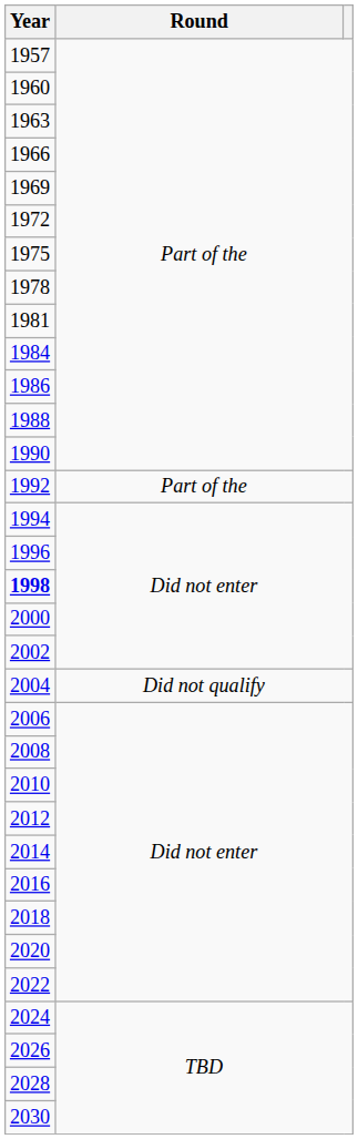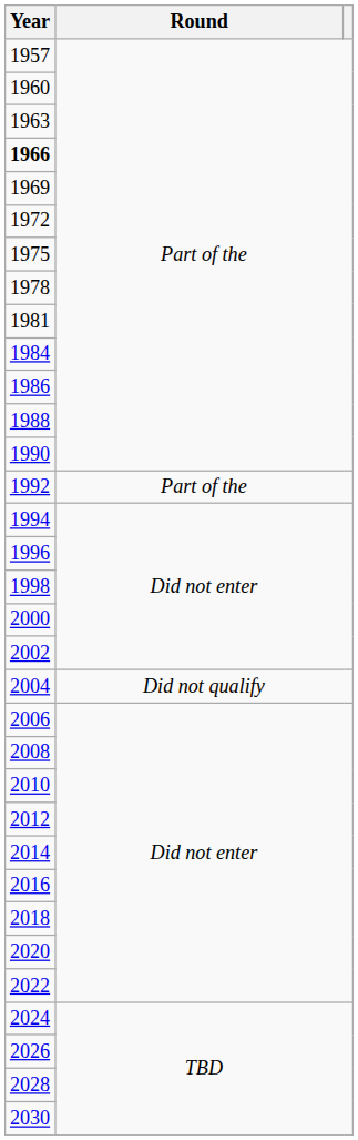 <table class="wikitable" style="text-align: center; font-size:90%">
 <tr>
 <th>Year</th>
 <th style="width:200px">Round</th>
 <th></th>
 </tr>
 <tr>
 <td>1957</td>
 <td colspan="2" rowspan="13"><em>Part of the </em></td>
 </tr>
 <tr>
 <td>1960</td>
 </tr>
 <tr>
 <td>1963</td>
 </tr>
 <tr>
-<td>1966</td>
+<td><strong>1966</strong></td>
 </tr>
 <tr>
 <td>1969</td>
 </tr>
 <tr>
 <td>1972</td>
 </tr>
 <tr>
 <td>1975</td>
 </tr>
 <tr>
 <td>1978</td>
 </tr>
 <tr>
 <td>1981</td>
 </tr>
 <tr>
 <td><a href='#'>1984</a></td>
 </tr>
 <tr>
 <td><a href='#'>1986</a></td>
 </tr>
 <tr>
 <td><a href='#'>1988</a></td>
 </tr>
 <tr>
 <td><a href='#'>1990</a></td>
 </tr>
 <tr>
 <td><a href='#'>1992</a></td>
 <td colspan="2"><em>Part of the </em></td>
 </tr>
 <tr>
 <td><a href='#'>1994</a></td>
 <td colspan="2" rowspan="5"><em>Did not enter</em></td>
 </tr>
 <tr>
 <td><a href='#'>1996</a></td>
 </tr>
 <tr>
-<td><strong><a href='#'>1998</a></strong></td>
+<td><a href='#'>1998</a></td>
 </tr>
 <tr>
 <td><a href='#'>2000</a></td>
 </tr>
 <tr>
 <td><a href='#'>2002</a></td>
 </tr>
 <tr>
 <td><a href='#'>2004</a></td>
 <td colspan="2"><em>Did not qualify</em></td>
 </tr>
 <tr>
 <td><a href='#'>2006</a></td>
 <td colspan="2" rowspan="9"><em>Did not enter</em></td>
 </tr>
 <tr>
 <td><a href='#'>2008</a></td>
 </tr>
 <tr>
 <td><a href='#'>2010</a></td>
 </tr>
 <tr>
 <td><a href='#'>2012</a></td>
 </tr>
 <tr>
 <td><a href='#'>2014</a></td>
 </tr>
 <tr>
 <td><a href='#'>2016</a></td>
 </tr>
 <tr>
 <td><a href='#'>2018</a></td>
 </tr>
 <tr>
 <td><a href='#'>2020</a></td>
 </tr>
 <tr>
 <td><a href='#'>2022</a></td>
 </tr>
 <tr>
 <td><a href='#'>2024</a></td>
 <td colspan="2" rowspan="4"><em>TBD</em></td>
 </tr>
 <tr>
 <td><a href='#'>2026</a></td>
 </tr>
 <tr>
 <td><a href='#'>2028</a></td>
 </tr>
 <tr>
 <td><a href='#'>2030</a></td>
 </tr>
 </table>
